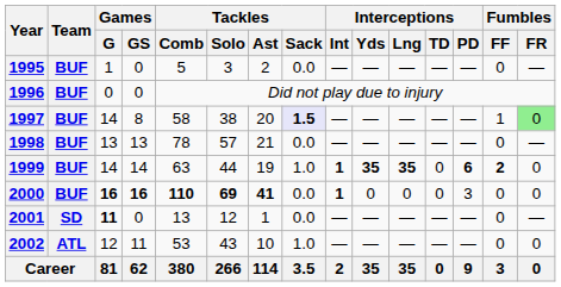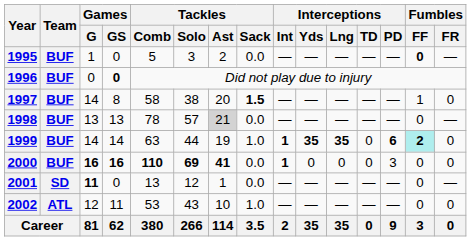 <table class= "wikitable" style="text-align: center;">
 <tr>
 <th rowspan="2">Year</th>
 <th rowspan="2">Team</th>
 <th colspan="2">Games</th>
 <th colspan="4">Tackles</th>
 <th colspan="5">Interceptions</th>
 <th colspan="2">Fumbles</th>
 </tr>
 <tr>
 <th>G</th>
 <th>GS</th>
 <th>Comb</th>
 <th>Solo</th>
 <th>Ast</th>
 <th>Sack</th>
 <th>Int</th>
 <th>Yds</th>
 <th>Lng</th>
 <th>TD</th>
 <th>PD</th>
 <th>FF</th>
 <th>FR</th>
 </tr>
 <tr>
 <th><a href='#'>1995</a></th>
 <th><a href='#'>BUF</a></th>
 <td>1</td>
 <td>0</td>
 <td>5</td>
 <td>3</td>
 <td>2</td>
 <td>0.0</td>
 <td>—</td>
 <td>—</td>
 <td>—</td>
 <td>—</td>
 <td>—</td>
-<td>0</td>
+<td><strong>0</strong></td>
 <td>—</td>
 </tr>
 <tr>
 <th><a href='#'>1996</a></th>
 <th><a href='#'>BUF</a></th>
 <td>0</td>
-<td>0</td>
+<td><strong>0</strong></td>
 <td colspan="11"><em>Did not play due to injury</em></td>
 </tr>
 <tr>
 <th><a href='#'>1997</a></th>
 <th><a href='#'>BUF</a></th>
 <td>14</td>
 <td>8</td>
 <td>58</td>
 <td>38</td>
 <td>20</td>
-<td style="background: lavender;"><strong>1.5</strong></td>
+<td><strong>1.5</strong></td>
 <td>—</td>
 <td>—</td>
 <td>—</td>
 <td>—</td>
 <td>—</td>
 <td>1</td>
-<td style="background: lightgreen;">0</td>
+<td>0</td>
 </tr>
 <tr>
 <th><a href='#'>1998</a></th>
 <th><a href='#'>BUF</a></th>
 <td>13</td>
 <td>13</td>
 <td>78</td>
 <td>57</td>
-<td>21</td>
+<td style="background: lightgrey;">21</td>
 <td>0.0</td>
 <td>—</td>
 <td>—</td>
 <td>—</td>
 <td>—</td>
 <td>—</td>
 <td>0</td>
 <td>—</td>
 </tr>
 <tr>
 <th><a href='#'>1999</a></th>
 <th><a href='#'>BUF</a></th>
 <td>14</td>
 <td>14</td>
 <td>63</td>
 <td>44</td>
 <td>19</td>
 <td>1.0</td>
 <td><strong>1</strong></td>
 <td><strong>35</strong></td>
 <td><strong>35</strong></td>
 <td>0</td>
 <td><strong>6</strong></td>
-<td><strong>2</strong></td>
+<td style="background: paleturquoise;"><strong>2</strong></td>
 <td>0</td>
 </tr>
 <tr>
 <th><a href='#'>2000</a></th>
 <th><a href='#'>BUF</a></th>
 <td><strong>16</strong></td>
 <td><strong>16</strong></td>
 <td><strong>110</strong></td>
 <td><strong>69</strong></td>
 <td><strong>41</strong></td>
 <td>0.0</td>
 <td><strong>1</strong></td>
 <td>0</td>
 <td>0</td>
 <td>0</td>
 <td>3</td>
 <td>0</td>
 <td>0</td>
 </tr>
 <tr>
 <th><a href='#'>2001</a></th>
 <th><a href='#'>SD</a></th>
 <td><strong>11</strong></td>
 <td>0</td>
 <td>13</td>
 <td>12</td>
 <td>1</td>
 <td>0.0</td>
 <td>—</td>
 <td>—</td>
 <td>—</td>
 <td>—</td>
 <td>—</td>
 <td>0</td>
 <td>—</td>
 </tr>
 <tr>
 <th><a href='#'>2002</a></th>
 <th><a href='#'>ATL</a></th>
 <td>12</td>
 <td>11</td>
 <td>53</td>
 <td>43</td>
 <td>10</td>
 <td>1.0</td>
 <td>—</td>
 <td>—</td>
 <td>—</td>
 <td>—</td>
 <td>—</td>
 <td>0</td>
 <td>0</td>
 </tr>
 <tr>
 <th colspan="2">Career</th>
 <th>81</th>
 <th>62</th>
 <th>380</th>
 <th>266</th>
 <th>114</th>
 <th>3.5</th>
 <th>2</th>
 <th>35</th>
 <th>35</th>
 <th>0</th>
 <th>9</th>
 <th>3</th>
 <th>0</th>
 </tr>
 </table>
